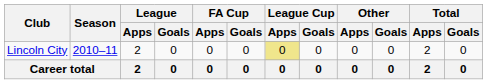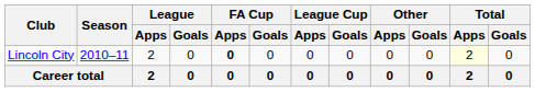 <table class="wikitable" style="text-align: center;">
 <tr>
 <th rowspan="2">Club</th>
 <th rowspan="2">Season</th>
 <th colspan="2">League</th>
 <th colspan="2">FA Cup</th>
 <th colspan="2">League Cup</th>
 <th colspan="2">Other</th>
 <th colspan="2">Total</th>
 </tr>
 <tr>
 <th>Apps</th>
 <th>Goals</th>
 <th>Apps</th>
 <th>Goals</th>
 <th>Apps</th>
 <th>Goals</th>
 <th>Apps</th>
 <th>Goals</th>
 <th>Apps</th>
 <th>Goals</th>
 </tr>
 <tr>
 <td rowspan="1" valign="center"><a href='#'>Lincoln City</a></td>
 <td><a href='#'>2010–11</a></td>
 <td>2</td>
 <td>0</td>
-<td>0</td>
-<td>0</td>
-<td style="background: khaki;">0</td>
+<td><strong>0</strong></td>
 <td>0</td>
 <td>0</td>
 <td>0</td>
-<td>2</td>
+<td>0</td>
+<td>0</td>
+<td style="background: lightyellow;">2</td>
 <td>0</td>
 </tr>
 <tr>
 <th colspan="2">Career total</th>
 <th>2</th>
 <th>0</th>
 <th>0</th>
 <th>0</th>
 <th>0</th>
 <th>0</th>
 <th>0</th>
 <th>0</th>
 <th>2</th>
 <th>0</th>
 </tr>
 </table>
